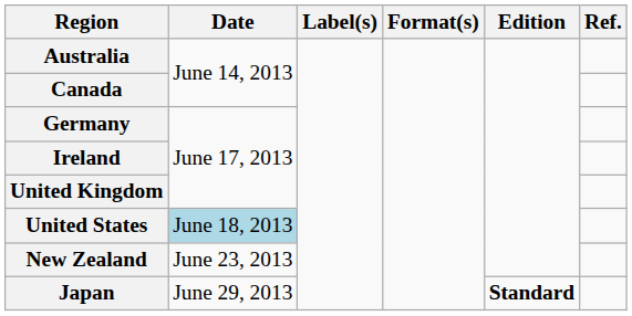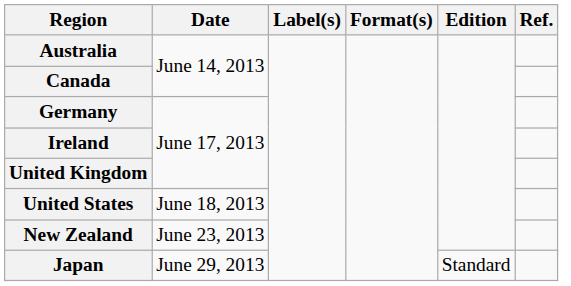 <table class="wikitable plainrowheaders">
 <tr>
 <th scope="col">Region</th>
 <th scope="col">Date</th>
 <th scope="col">Label(s)</th>
 <th scope="col">Format(s)</th>
 <th scope="col">Edition</th>
 <th scope="col">Ref.</th>
 </tr>
 <tr>
 <th scope="row">Australia</th>
 <td rowspan="2">June 14, 2013</td>
 <td rowspan="8"></td>
 <td rowspan="8"></td>
 <td rowspan="7"></td>
 <td></td>
 </tr>
 <tr>
 <th scope="row">Canada</th>
 <td></td>
 </tr>
 <tr>
 <th scope="row">Germany</th>
 <td rowspan="3">June 17, 2013</td>
 <td></td>
 </tr>
 <tr>
 <th scope="row">Ireland</th>
 <td></td>
 </tr>
 <tr>
 <th scope="row">United Kingdom</th>
 <td></td>
 </tr>
 <tr>
 <th scope="row">United States</th>
-<td style="background: lightblue;">June 18, 2013</td>
+<td>June 18, 2013</td>
 <td></td>
 </tr>
 <tr>
 <th scope="row">New Zealand</th>
 <td>June 23, 2013</td>
 <td></td>
 </tr>
 <tr>
 <th scope="row">Japan</th>
 <td>June 29, 2013</td>
-<td><strong>Standard</strong></td>
+<td>Standard</td>
 <td></td>
 </tr>
 </table>
